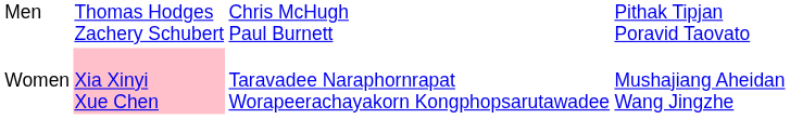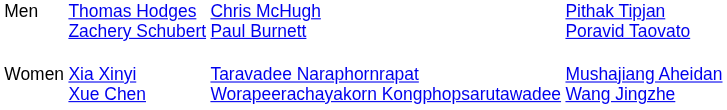 <table>
 <tr>
 <td>Men</td>
 <td><br><a href='#'>Thomas Hodges</a><br><a href='#'>Zachery Schubert</a></td>
 <td><br><a href='#'>Chris McHugh</a><br><a href='#'>Paul Burnett</a></td>
 <td><br><a href='#'>Pithak Tipjan</a><br><a href='#'>Poravid Taovato</a></td>
 </tr>
 <tr>
 <td>Women</td>
-<td style="background: pink;"><br><a href='#'>Xia Xinyi</a><br><a href='#'>Xue Chen</a></td>
+<td><br><a href='#'>Xia Xinyi</a><br><a href='#'>Xue Chen</a></td>
 <td><br><a href='#'>Taravadee Naraphornrapat</a><br><a href='#'>Worapeerachayakorn Kongphopsarutawadee</a></td>
 <td><br><a href='#'>Mushajiang Aheidan</a><br><a href='#'>Wang Jingzhe</a></td>
 </tr>
 </table>
